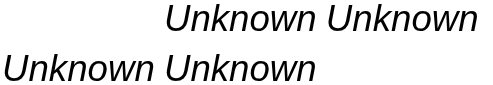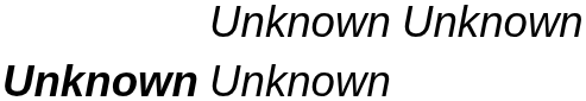 <table>
 <tr>
 <th scope=row style="text-align:left"></th>
 <td></td>
 <td><em>Unknown</em></td>
 <td><em>Unknown</em></td>
 </tr>
 <tr>
 <th scope=row style="text-align:left"></th>
-<td><em>Unknown</em></td>
+<td><strong><em>Unknown</em></strong></td>
 <td><em>Unknown</em></td>
 <td></td>
 </tr>
 </table>
